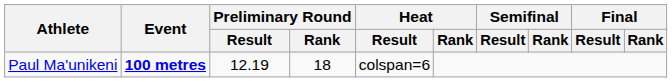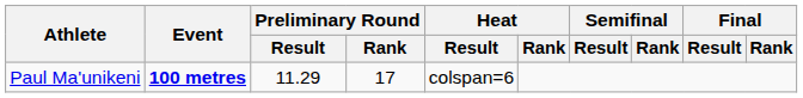 <table class=wikitable style=font-size:90%>
 <tr>
 <th rowspan=2>Athlete</th>
 <th rowspan=2>Event</th>
 <th colspan=2>Preliminary Round</th>
 <th colspan=2>Heat</th>
 <th colspan=2>Semifinal</th>
 <th colspan=2>Final</th>
 </tr>
 <tr style=font-size:95%>
 <th>Result</th>
 <th>Rank</th>
 <th>Result</th>
 <th>Rank</th>
 <th>Result</th>
 <th>Rank</th>
 <th>Result</th>
 <th>Rank</th>
 </tr>
 <tr align=center>
 <td align=left><a href='#'>Paul Ma'unikeni</a></td>
 <td align=left><strong><a href='#'>100 metres</a></strong></td>
-<td>12.19</td>
-<td>18</td>
+<td>11.29</td>
+<td>17</td>
 <td>colspan=6 </td>
 </tr>
 </table>
